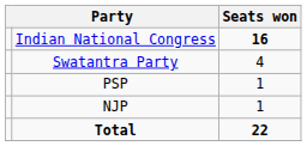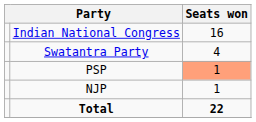 <table class="wikitable" style="text-align:center">
 <tr>
 <th colspan=2>Party</th>
 <th>Seats won</th>
 </tr>
 <tr>
 <td></td>
 <td><a href='#'>Indian National Congress</a></td>
-<td><strong>16</strong></td>
+<td>16</td>
 </tr>
 <tr>
 <td></td>
 <td><a href='#'>Swatantra Party</a></td>
 <td>4</td>
 </tr>
 <tr>
 <td></td>
 <td>PSP</td>
-<td>1</td>
+<td style="background: lightsalmon;">1</td>
 </tr>
 <tr>
 <td></td>
 <td>NJP</td>
 <td>1</td>
 </tr>
 <tr>
 <td></td>
 <td><strong>Total</strong></td>
 <td><strong>22</strong></td>
 </tr>
 <tr>
 </tr>
 </table>
